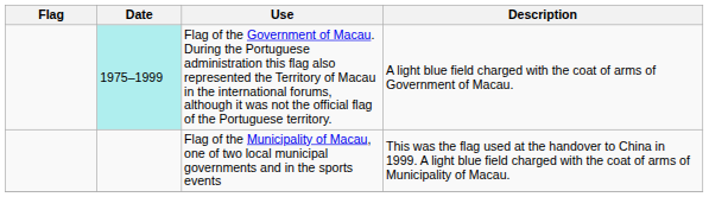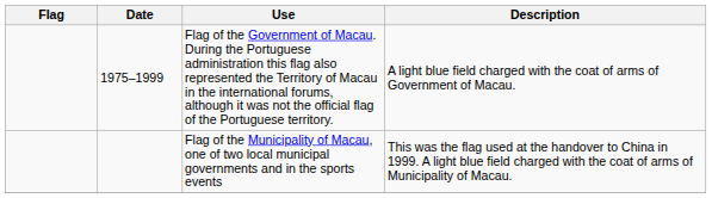 <table class="wikitable">
 <tr>
 <th width="110">Flag</th>
 <th width="100">Date</th>
 <th width="250">Use</th>
 <th width="400">Description</th>
 </tr>
 <tr>
 <td></td>
-<td style="background: paleturquoise;">1975–1999</td>
+<td>1975–1999</td>
 <td>Flag of the <a href='#'>Government of Macau</a>. During the Portuguese administration this flag also represented the Territory of Macau in the international forums, although it was not the official flag of the Portuguese territory.</td>
 <td>A light blue field charged with the coat of arms of Government of Macau.</td>
 </tr>
 <tr>
 <td></td>
 <td></td>
 <td>Flag of the <a href='#'>Municipality of Macau</a>, one of two local municipal governments and in the sports events</td>
 <td>This was the flag used at the handover to China in 1999. A light blue field charged with the coat of arms of Municipality of Macau.</td>
 </tr>
 <tr>
 </tr>
 </table>
